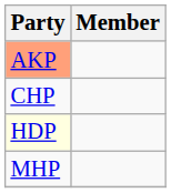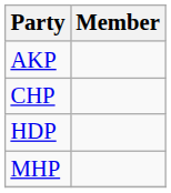 <table class="wikitable">
 <tr>
 <th>Party</th>
 <th colspan="2">Member</th>
 </tr>
 <tr>
-<td style="background: lightsalmon;"><a href='#'>AKP</a></td>
+<td><a href='#'>AKP</a></td>
 <td></td>
 </tr>
 <tr>
 <td><a href='#'>CHP</a></td>
 <td></td>
 </tr>
 <tr>
-<td style="background: lightyellow;"><a href='#'>HDP</a></td>
+<td><a href='#'>HDP</a></td>
 <td></td>
 </tr>
 <tr>
 <td><a href='#'>MHP</a></td>
 <td></td>
 </tr>
 <tr>
 </tr>
 </table>
